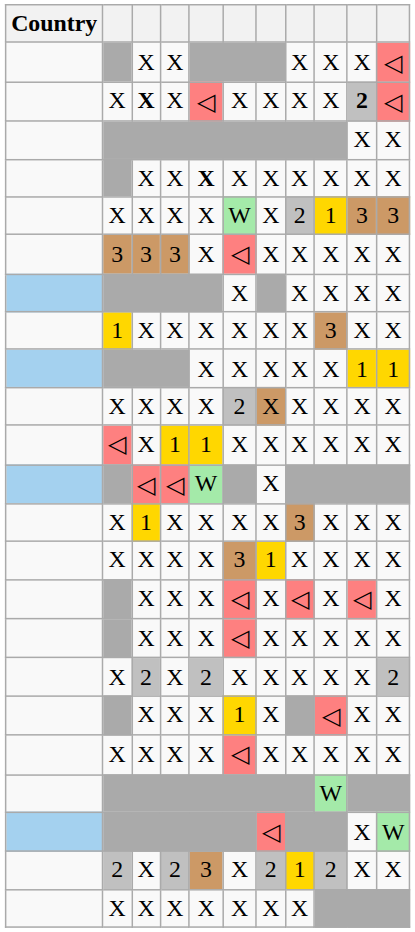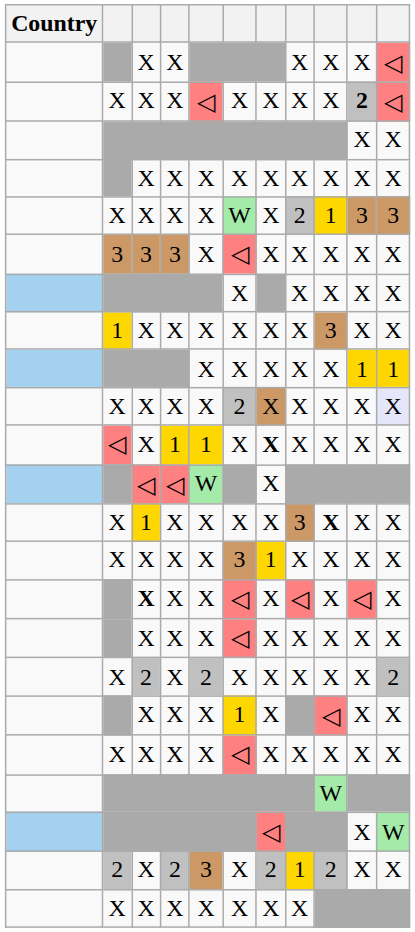 <table class="wikitable collapsible collapsed" style="margin:10px;text-align:center;">
 <tr>
 <th scope="col">Country</th>
 <th scope="col"></th>
 <th scope="col"></th>
 <th scope="col"></th>
 <th scope="col"></th>
 <th scope="col"></th>
 <th scope="col"></th>
 <th scope="col"></th>
 <th scope="col"></th>
 <th scope="col"></th>
 <th scope="col"></th>
 </tr>
 <tr>
 <td align=left></td>
 <td bgcolor="#AAA"></td>
 <td>X</td>
 <td>X</td>
 <td bgcolor="#AAA" colspan=3></td>
 <td>X</td>
 <td>X</td>
 <td>X</td>
 <td bgcolor="#FE8080">◁</td>
 </tr>
 <tr>
 <td align=left></td>
 <td>X</td>
-<td><strong>X</strong></td>
+<td>X</td>
 <td>X</td>
 <td bgcolor="#FE8080">◁</td>
 <td>X</td>
 <td>X</td>
 <td>X</td>
 <td>X</td>
 <td style="background:silver"><strong>2</strong></td>
 <td bgcolor="#FE8080">◁</td>
 </tr>
 <tr>
 <td align=left></td>
 <td bgcolor="#AAA" colspan=8></td>
 <td>X</td>
 <td>X</td>
 </tr>
 <tr>
 <td align=left></td>
 <td bgcolor="#AAA"></td>
 <td>X</td>
 <td>X</td>
-<td><strong>X</strong></td>
+<td>X</td>
 <td>X</td>
 <td>X</td>
 <td>X</td>
 <td>X</td>
 <td>X</td>
 <td>X</td>
 </tr>
 <tr>
 <td align=left></td>
 <td>X</td>
 <td>X</td>
 <td>X</td>
 <td>X</td>
 <td style="background:#A4EAA9;">W</td>
 <td>X</td>
 <td style="background:silver">2</td>
 <td style="background:gold">1</td>
 <td style="background:#C96;">3</td>
 <td style="background:#C96;">3</td>
 </tr>
 <tr>
 <td align=left></td>
 <td style="background:#C96;">3</td>
 <td style="background:#C96;">3</td>
 <td style="background:#C96;">3</td>
 <td>X</td>
 <td bgcolor="#FE8080">◁</td>
 <td>X</td>
 <td>X</td>
 <td>X</td>
 <td>X</td>
 <td>X</td>
 </tr>
 <tr>
 <td bgcolor="#A4D1EF">   </td>
 <td bgcolor="#AAA" colspan=4></td>
 <td>X</td>
 <td bgcolor="#AAA"></td>
 <td>X</td>
 <td>X</td>
 <td>X</td>
 <td>X</td>
 </tr>
 <tr>
 <td align=left></td>
 <td style="background:gold">1</td>
 <td>X</td>
 <td>X</td>
 <td>X</td>
 <td>X</td>
 <td>X</td>
 <td>X</td>
 <td style="background:#C96;">3</td>
 <td>X</td>
 <td>X</td>
 </tr>
 <tr>
 <td bgcolor="#A4D1EF" align=left> </td>
 <td bgcolor="#AAA" colspan=3></td>
 <td>X</td>
 <td>X</td>
 <td>X</td>
 <td>X</td>
 <td>X</td>
 <td style="background:gold">1</td>
 <td style="background:gold">1</td>
 </tr>
 <tr>
 <td align=left></td>
 <td>X</td>
 <td>X</td>
 <td>X</td>
 <td>X</td>
 <td style="background:silver">2</td>
 <td style="background:#C96;">X</td>
 <td>X</td>
 <td>X</td>
 <td>X</td>
-<td>X</td>
+<td style="background: lavender;">X</td>
 </tr>
 <tr>
 <td align=left></td>
 <td bgcolor="#FE8080">◁</td>
 <td>X</td>
 <td style="background:gold">1</td>
 <td style="background:gold">1</td>
 <td>X</td>
-<td>X</td>
+<td><strong>X</strong></td>
 <td>X</td>
 <td>X</td>
 <td>X</td>
 <td>X</td>
 </tr>
 <tr>
 <td bgcolor="#A4D1EF" align=left> </td>
 <td bgcolor="#AAA"></td>
 <td bgcolor="#FE8080">◁</td>
 <td bgcolor="#FE8080">◁</td>
 <td style="background:#A4EAA9;">W</td>
 <td bgcolor="#AAA"></td>
 <td>X</td>
 <td bgcolor="#AAA" colspan=4></td>
 </tr>
 <tr>
 <td align=left></td>
 <td>X</td>
 <td style="background:gold">1</td>
 <td>X</td>
 <td>X</td>
 <td>X</td>
 <td>X</td>
 <td style="background:#C96;">3</td>
-<td>X</td>
+<td><strong>X</strong></td>
 <td>X</td>
 <td>X</td>
 </tr>
 <tr>
 <td align=left></td>
 <td>X</td>
 <td>X</td>
 <td>X</td>
 <td>X</td>
 <td style="background:#C96;">3</td>
 <td style="background:gold">1</td>
 <td>X</td>
 <td>X</td>
 <td>X</td>
 <td>X</td>
 </tr>
 <tr>
 <td align=left></td>
 <td bgcolor="#AAA"></td>
-<td>X</td>
+<td><strong>X</strong></td>
 <td>X</td>
 <td>X</td>
 <td bgcolor="#FE8080">◁</td>
 <td>X</td>
 <td bgcolor="#FE8080">◁</td>
 <td>X</td>
 <td bgcolor="#FE8080">◁</td>
 <td>X</td>
 </tr>
 <tr>
 <td align=left></td>
 <td bgcolor="#AAA"></td>
 <td>X</td>
 <td>X</td>
 <td>X</td>
 <td bgcolor="#FE8080">◁</td>
 <td>X</td>
 <td>X</td>
 <td>X</td>
 <td>X</td>
 <td>X</td>
 </tr>
 <tr>
 <td align=left> </td>
 <td>X</td>
 <td style="background:silver">2</td>
 <td>X</td>
 <td style="background:silver">2</td>
 <td>X</td>
 <td>X</td>
 <td>X</td>
 <td>X</td>
 <td>X</td>
 <td style="background:silver">2</td>
 </tr>
 <tr>
 <td align=left></td>
 <td bgcolor="#AAA"></td>
 <td>X</td>
 <td>X</td>
 <td>X</td>
 <td style="background:gold">1</td>
 <td>X</td>
 <td bgcolor="#AAA"></td>
 <td bgcolor="#FE8080">◁</td>
 <td>X</td>
 <td>X</td>
 </tr>
 <tr>
 <td align=left></td>
 <td>X</td>
 <td>X</td>
 <td>X</td>
 <td>X</td>
 <td bgcolor="#FE8080">◁</td>
 <td>X</td>
 <td>X</td>
 <td>X</td>
 <td>X</td>
 <td>X</td>
 </tr>
 <tr>
 <td align=left></td>
 <td bgcolor="#AAA" colspan=7></td>
 <td style="background:#A4EAA9;">W</td>
 <td bgcolor="#AAA" colspan=2></td>
 </tr>
 <tr>
 <td bgcolor="#A4D1EF" align=left> </td>
 <td bgcolor="#AAA" colspan=5></td>
 <td bgcolor="#FE8080">◁</td>
 <td bgcolor="#AAA" colspan=2></td>
 <td>X</td>
 <td style="background:#A4EAA9;">W</td>
 </tr>
 <tr>
 <td align=left></td>
 <td style="background:silver">2</td>
 <td>X</td>
 <td style="background:silver">2</td>
 <td style="background:#C96;">3</td>
 <td>X</td>
 <td style="background:silver">2</td>
 <td style="background:gold">1</td>
 <td style="background:silver">2</td>
 <td>X</td>
 <td>X</td>
 </tr>
 <tr>
 <td align=left></td>
 <td>X</td>
 <td>X</td>
 <td>X</td>
 <td>X</td>
 <td>X</td>
 <td>X</td>
 <td>X</td>
 <td bgcolor="#AAA" colspan=3></td>
 </tr>
 </table>
